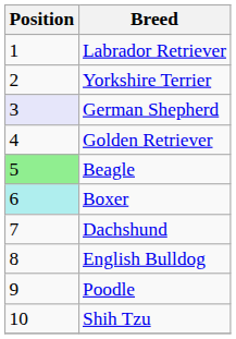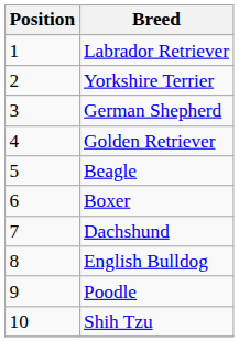 <table class="wikitable sortable">
 <tr>
 <th>Position</th>
 <th>Breed</th>
 </tr>
 <tr>
 <td>1</td>
 <td><a href='#'>Labrador Retriever</a></td>
 </tr>
 <tr>
 <td>2</td>
 <td><a href='#'>Yorkshire Terrier</a></td>
 </tr>
 <tr>
-<td style="background: lavender;">3</td>
+<td>3</td>
 <td><a href='#'>German Shepherd</a></td>
 </tr>
 <tr>
 <td>4</td>
 <td><a href='#'>Golden Retriever</a></td>
 </tr>
 <tr>
-<td style="background: lightgreen;">5</td>
+<td>5</td>
 <td><a href='#'>Beagle</a></td>
 </tr>
 <tr>
-<td style="background: paleturquoise;">6</td>
+<td>6</td>
 <td><a href='#'>Boxer</a></td>
 </tr>
 <tr>
 <td>7</td>
 <td><a href='#'>Dachshund</a></td>
 </tr>
 <tr>
 <td>8</td>
 <td><a href='#'>English Bulldog</a></td>
 </tr>
 <tr>
 <td>9</td>
 <td><a href='#'>Poodle</a></td>
 </tr>
 <tr>
 <td>10</td>
 <td><a href='#'>Shih Tzu</a></td>
 </tr>
 <tr>
 </tr>
 </table>
